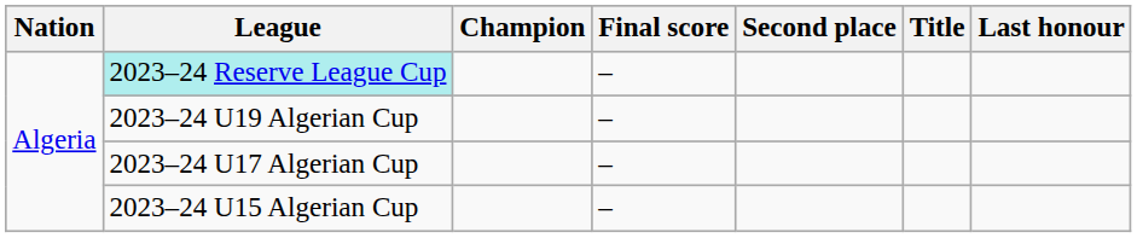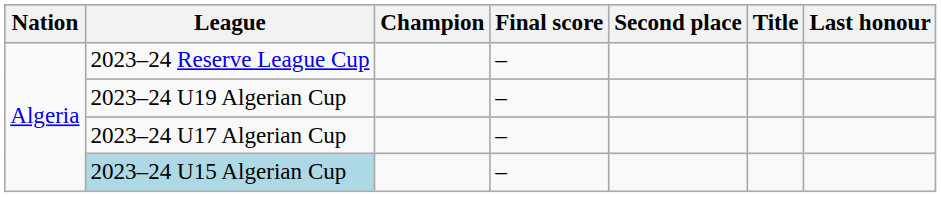 <table class=wikitable style="font-size:14px">
 <tr>
 <th>Nation</th>
 <th>League</th>
 <th>Champion</th>
 <th>Final score</th>
 <th>Second place</th>
 <th data-sort-type="number">Title</th>
 <th>Last honour</th>
 </tr>
 <tr>
 <td align=left rowspan=4> <a href='#'>Algeria</a></td>
-<td align=left style="background: paleturquoise;">2023–24 <a href='#'>Reserve League Cup</a></td>
+<td align=left>2023–24 <a href='#'>Reserve League Cup</a></td>
 <td></td>
 <td>–</td>
 <td></td>
 <td></td>
 <td></td>
 </tr>
 <tr>
 <td align=left>2023–24 U19 Algerian Cup</td>
 <td></td>
 <td>–</td>
 <td></td>
 <td></td>
 <td></td>
 </tr>
 <tr>
 <td align=left>2023–24 U17 Algerian Cup</td>
 <td></td>
 <td>–</td>
 <td></td>
 <td></td>
 <td></td>
 </tr>
 <tr>
-<td align=left>2023–24 U15 Algerian Cup</td>
+<td align=left style="background: lightblue;">2023–24 U15 Algerian Cup</td>
 <td></td>
 <td>–</td>
 <td></td>
 <td></td>
 <td></td>
 </tr>
 </table>
